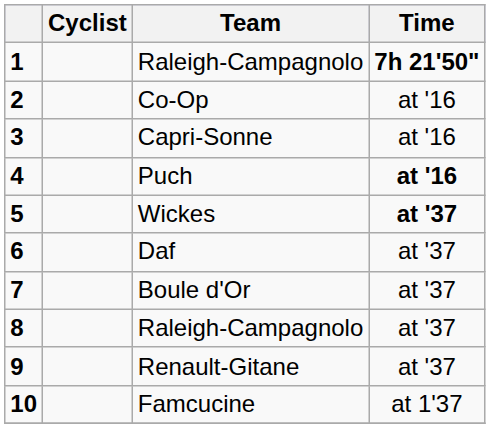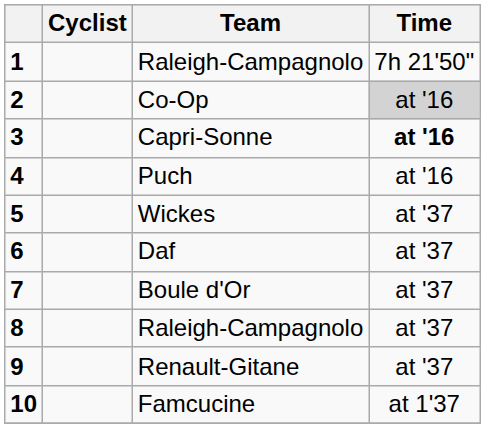 <table class="wikitable">
 <tr style="background:#ccccff;">
 <th></th>
 <th>Cyclist</th>
 <th>Team</th>
 <th>Time</th>
 </tr>
 <tr>
 <td><strong>1</strong></td>
 <td></td>
 <td>Raleigh-Campagnolo</td>
-<td align=center><strong>7h 21'50"</strong></td>
+<td align=center>7h 21'50"</td>
 </tr>
 <tr>
 <td><strong>2</strong></td>
 <td></td>
 <td>Co-Op</td>
-<td align=center>at '16</td>
+<td align=center style="background: lightgrey;">at '16</td>
 </tr>
 <tr>
 <td><strong>3</strong></td>
 <td></td>
 <td>Capri-Sonne</td>
-<td align=center>at '16</td>
+<td align=center><strong>at '16</strong></td>
 </tr>
 <tr>
 <td><strong>4</strong></td>
 <td></td>
 <td>Puch</td>
-<td align=center><strong>at '16</strong></td>
+<td align=center>at '16</td>
 </tr>
 <tr>
 <td><strong>5</strong></td>
 <td></td>
 <td>Wickes</td>
-<td align=center><strong>at '37</strong></td>
+<td align=center>at '37</td>
 </tr>
 <tr>
 <td><strong>6</strong></td>
 <td></td>
 <td>Daf</td>
 <td align=center>at '37</td>
 </tr>
 <tr>
 <td><strong>7</strong></td>
 <td></td>
 <td>Boule d'Or</td>
 <td align=center>at '37</td>
 </tr>
 <tr>
 <td><strong>8</strong></td>
 <td></td>
 <td>Raleigh-Campagnolo</td>
 <td align=center>at '37</td>
 </tr>
 <tr>
 <td><strong>9</strong></td>
 <td></td>
 <td>Renault-Gitane</td>
 <td align=center>at '37</td>
 </tr>
 <tr>
 <td><strong>10</strong></td>
 <td></td>
 <td>Famcucine</td>
 <td align=center>at 1'37</td>
 </tr>
 <tr>
 </tr>
 </table>
